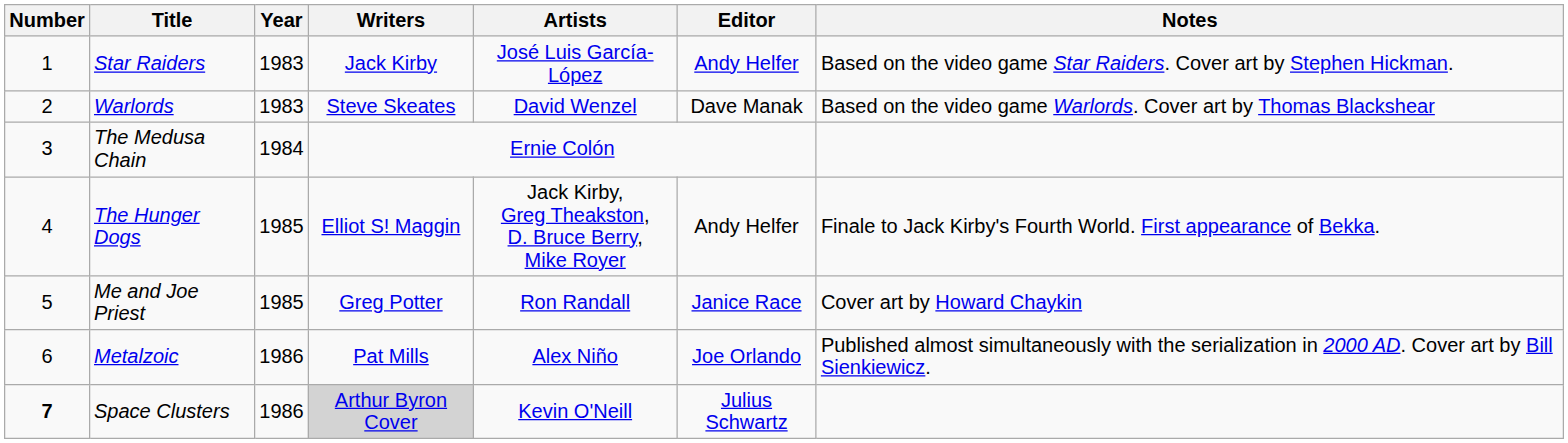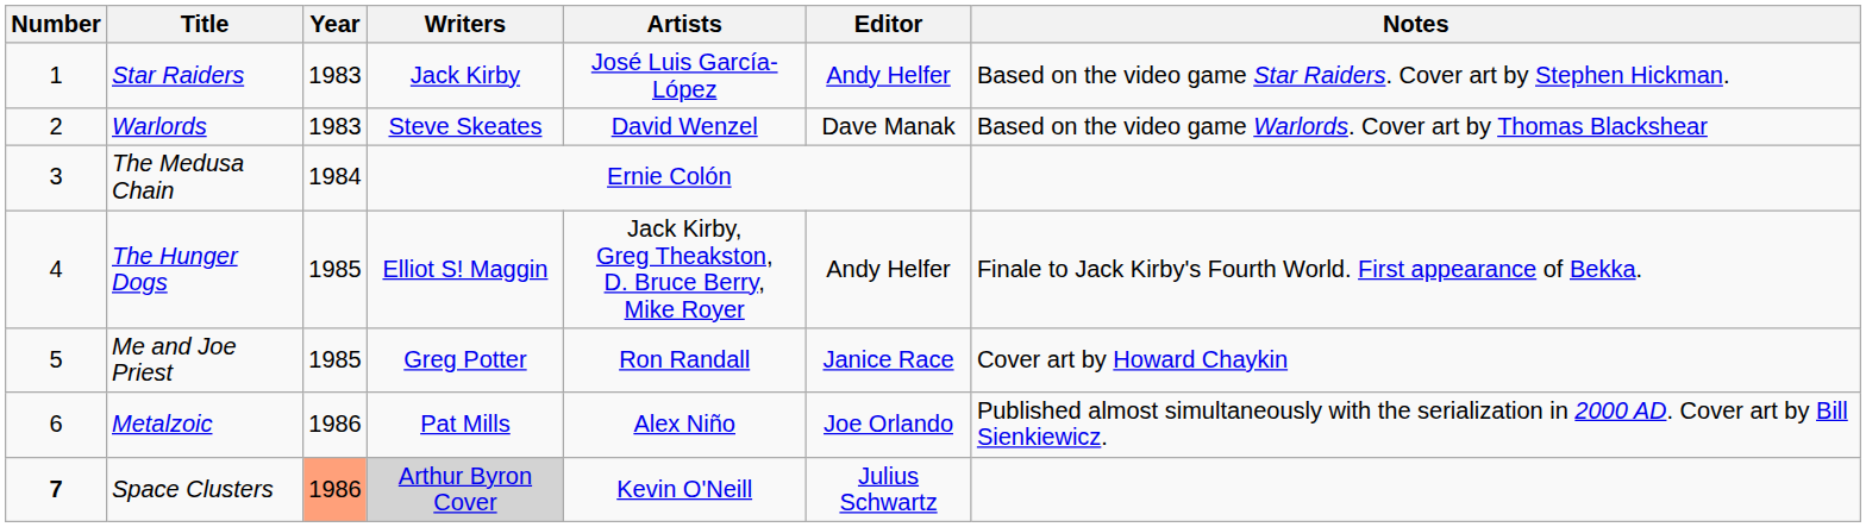 <table class="wikitable">
 <tr>
 <th>Number</th>
 <th>Title</th>
 <th>Year</th>
 <th>Writers</th>
 <th>Artists</th>
 <th>Editor</th>
 <th>Notes</th>
 </tr>
 <tr>
 <td align="center">1</td>
 <td><em><a href='#'>Star Raiders</a></em></td>
 <td>1983</td>
 <td align="center"><a href='#'>Jack Kirby</a></td>
 <td align="center"><a href='#'>José Luis García-López</a></td>
 <td align="center"><a href='#'>Andy Helfer</a></td>
 <td>Based on the video game <em><a href='#'>Star Raiders</a></em>. Cover art by <a href='#'>Stephen Hickman</a>.</td>
 </tr>
 <tr>
 <td align="center">2</td>
 <td><em><a href='#'>Warlords</a></em></td>
 <td>1983</td>
 <td align="center"><a href='#'>Steve Skeates</a></td>
 <td align="center"><a href='#'>David Wenzel</a></td>
 <td align="center">Dave Manak</td>
 <td>Based on the video game <em><a href='#'>Warlords</a></em>. Cover art by <a href='#'>Thomas Blackshear</a></td>
 </tr>
 <tr>
 <td align="center">3</td>
 <td><em>The Medusa Chain</em></td>
 <td>1984</td>
 <td align="center" colspan="3"><a href='#'>Ernie Colón</a></td>
 <td></td>
 </tr>
 <tr>
 <td align="center">4</td>
 <td><em><a href='#'>The Hunger Dogs</a></em></td>
 <td>1985</td>
 <td align="center"><a href='#'>Elliot S! Maggin</a></td>
 <td align="center">Jack Kirby, <br><a href='#'>Greg Theakston</a>, <br><a href='#'>D. Bruce Berry</a>, <br><a href='#'>Mike Royer</a></td>
 <td align="center">Andy Helfer</td>
 <td>Finale to Jack Kirby's Fourth World. <a href='#'>First appearance</a> of <a href='#'>Bekka</a>.</td>
 </tr>
 <tr>
 <td align="center">5</td>
 <td><em>Me and Joe Priest</em></td>
 <td>1985</td>
 <td align="center"><a href='#'>Greg Potter</a></td>
 <td align="center"><a href='#'>Ron Randall</a></td>
 <td align="center"><a href='#'>Janice Race</a></td>
 <td>Cover art by <a href='#'>Howard Chaykin</a></td>
 </tr>
 <tr>
 <td align="center">6</td>
 <td><em><a href='#'>Metalzoic</a></em></td>
 <td>1986</td>
 <td align="center"><a href='#'>Pat Mills</a></td>
 <td align="center"><a href='#'>Alex Niño</a></td>
 <td align="center"><a href='#'>Joe Orlando</a></td>
 <td>Published almost simultaneously with the serialization in <em><a href='#'>2000 AD</a></em>. Cover art by <a href='#'>Bill Sienkiewicz</a>.</td>
 </tr>
 <tr>
 <td align="center"><strong>7</strong></td>
 <td><em>Space Clusters</em></td>
-<td>1986</td>
+<td style="background: lightsalmon;">1986</td>
 <td align="center" style="background: lightgrey;"><a href='#'>Arthur Byron Cover</a></td>
 <td align="center"><a href='#'>Kevin O'Neill</a></td>
 <td align="center"><a href='#'>Julius Schwartz</a></td>
 <td></td>
 </tr>
 </table>
